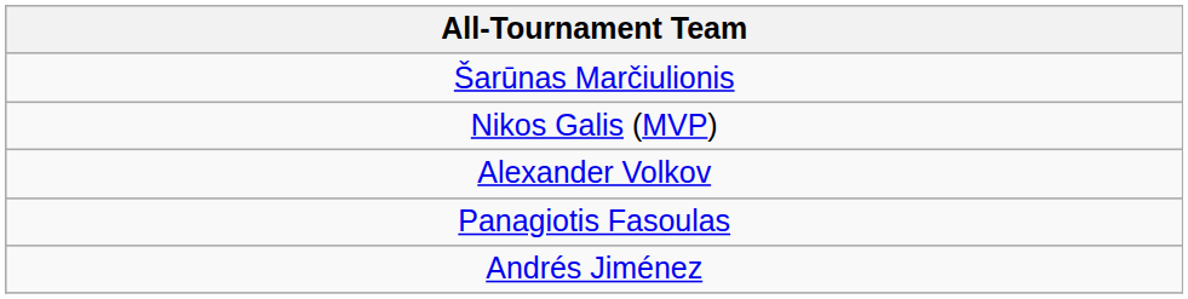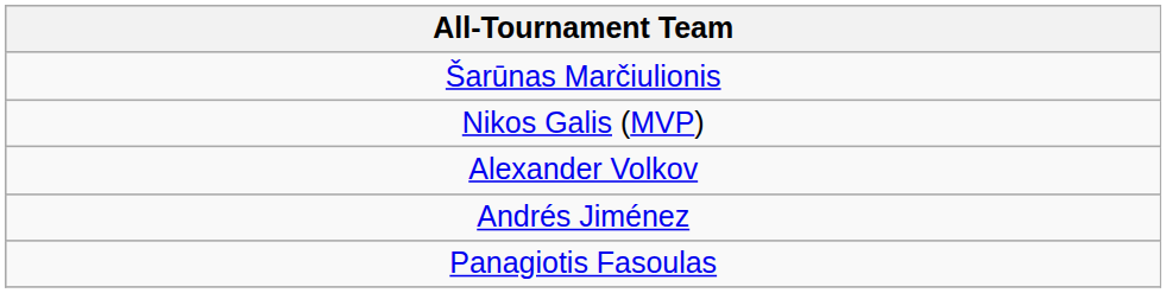 <table class="wikitable sortable" style="text-align:center; width: 100%">
 <tr>
 <th>All-Tournament Team</th>
 </tr>
 <tr>
 <td> <a href='#'>Šarūnas Marčiulionis</a></td>
 </tr>
 <tr>
 <td> <a href='#'>Nikos Galis</a> (<a href='#'>MVP</a>)</td>
 </tr>
 <tr>
 <td> <a href='#'>Alexander Volkov</a></td>
 </tr>
 <tr>
+<td> <a href='#'>Andrés Jiménez</a></td>
+</tr>
+<tr>
 <td> <a href='#'>Panagiotis Fasoulas</a></td>
 </tr>
-<tr>
-<td> <a href='#'>Andrés Jiménez</a></td>
-</tr>
 </table>
